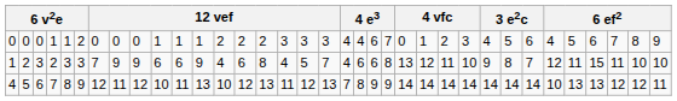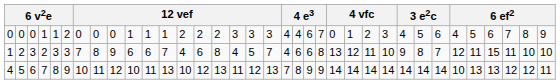 <table class="wikitable" style="font-size:small; margin:0; padding:0;">
 <tr>
 <th colspan=6>6 v<sup>2</sup>e</th>
 <th colspan=12>12 vef</th>
 <th colspan=4>4 e<sup>3</sup></th>
 <th colspan=4>4 vfc</th>
 <th colspan=3>3 e<sup>2</sup>c</th>
 <th colspan=6>6 ef<sup>2</sup></th>
 </tr>
 <tr>
 <td>0</td>
 <td>0</td>
 <td>0</td>
 <td>1</td>
 <td>1</td>
 <td>2</td>
 <td>0</td>
 <td>0</td>
 <td>0</td>
 <td>1</td>
 <td>1</td>
 <td>1</td>
 <td>2</td>
 <td>2</td>
 <td>2</td>
 <td>3</td>
 <td>3</td>
 <td>3</td>
 <td>4</td>
 <td>4</td>
 <td>6</td>
 <td>7</td>
 <td>0</td>
 <td>1</td>
 <td>2</td>
 <td>3</td>
 <td>4</td>
 <td>5</td>
 <td>6</td>
 <td>4</td>
 <td>5</td>
 <td>6</td>
 <td>7</td>
 <td>8</td>
 <td>9</td>
 </tr>
 <tr>
 <td>1</td>
 <td>2</td>
 <td>3</td>
 <td>2</td>
 <td>3</td>
 <td>3</td>
 <td>7</td>
-<td>9</td>
+<td>8</td>
 <td>9</td>
 <td>6</td>
 <td>6</td>
-<td>9</td>
+<td>7</td>
 <td>4</td>
 <td>6</td>
 <td>8</td>
 <td>4</td>
 <td>5</td>
 <td>7</td>
 <td>4</td>
 <td>6</td>
 <td>6</td>
 <td>8</td>
 <td>13</td>
 <td>12</td>
 <td>11</td>
 <td>10</td>
 <td>9</td>
 <td>8</td>
 <td>7</td>
 <td>12</td>
 <td>11</td>
 <td>15</td>
 <td>11</td>
 <td>10</td>
 <td>10</td>
 </tr>
 <tr>
 <td>4</td>
 <td>5</td>
 <td>6</td>
 <td>7</td>
 <td>8</td>
 <td>9</td>
-<td>12</td>
+<td>10</td>
 <td>11</td>
 <td>12</td>
 <td>10</td>
 <td>11</td>
 <td>13</td>
 <td>10</td>
 <td>12</td>
 <td>13</td>
 <td>11</td>
 <td>12</td>
 <td>13</td>
 <td>7</td>
 <td>8</td>
 <td>9</td>
 <td>9</td>
 <td>14</td>
 <td>14</td>
 <td>14</td>
 <td>14</td>
 <td>14</td>
 <td>14</td>
 <td>14</td>
 <td>10</td>
 <td>13</td>
 <td>13</td>
 <td>12</td>
 <td>12</td>
 <td>11</td>
 </tr>
 </table>
